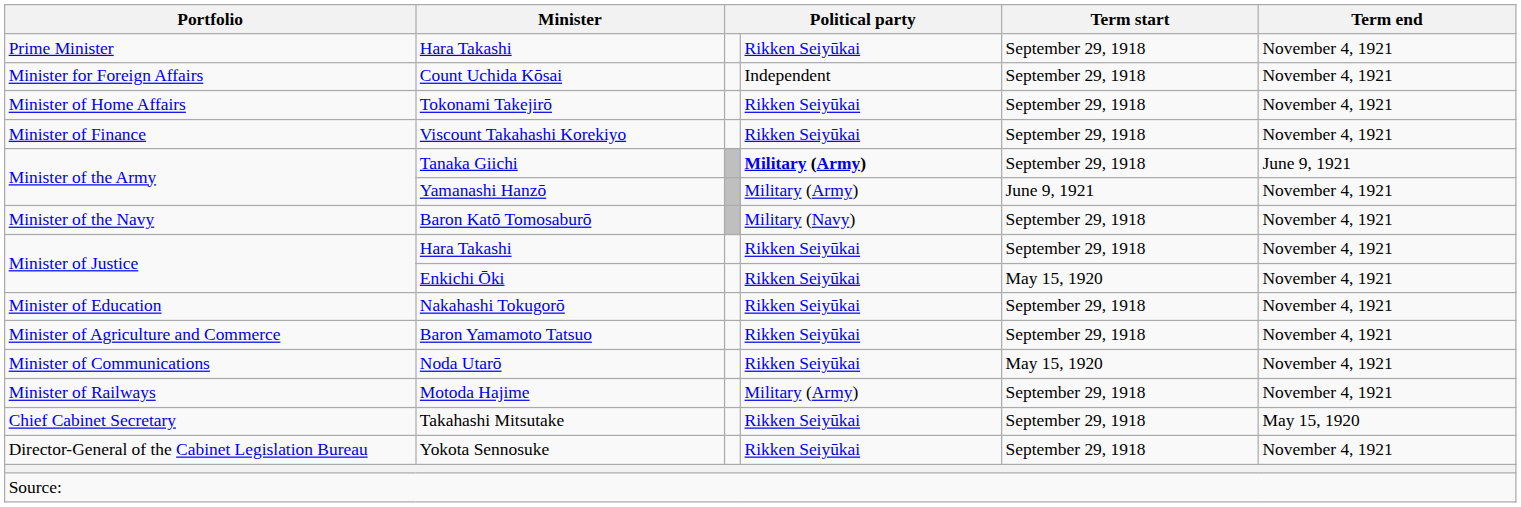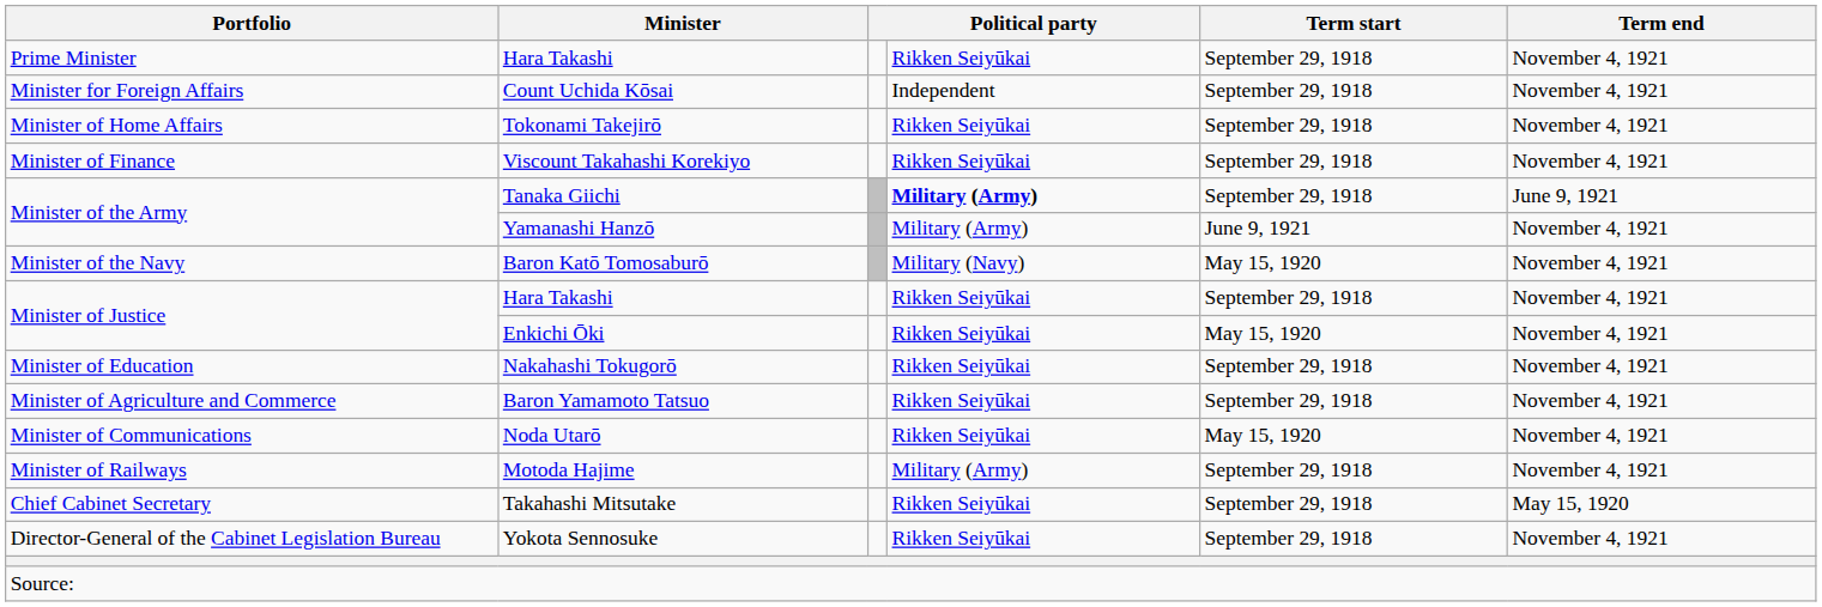 <table class="wikitable unsortable" style="font-size: 90%;">
 <tr>
 <th scope="col" width="20%">Portfolio</th>
 <th scope="col" width="15%">Minister</th>
 <th colspan="2" scope="col" width="13.5%">Political party</th>
 <th scope="col" width="12.5%">Term start</th>
 <th scope="col" width="12.5%">Term end</th>
 </tr>
 <tr>
 <td style="text-align: left;"><a href='#'>Prime Minister</a></td>
 <td><a href='#'>Hara Takashi</a></td>
 <td style="color:inherit;background:"></td>
 <td><a href='#'>Rikken Seiyūkai</a></td>
 <td>September 29, 1918</td>
 <td>November 4, 1921</td>
 </tr>
 <tr>
 <td><a href='#'>Minister for Foreign Affairs</a></td>
 <td><a href='#'>Count Uchida Kōsai</a></td>
 <td style="color:inherit;background:"></td>
 <td>Independent</td>
 <td>September 29, 1918</td>
 <td>November 4, 1921</td>
 </tr>
 <tr>
 <td><a href='#'>Minister of Home Affairs</a></td>
 <td><a href='#'>Tokonami Takejirō</a></td>
 <td style="color:inherit;background:"></td>
 <td><a href='#'>Rikken Seiyūkai</a></td>
 <td>September 29, 1918</td>
 <td>November 4, 1921</td>
 </tr>
 <tr>
 <td><a href='#'>Minister of Finance</a></td>
 <td><a href='#'>Viscount Takahashi Korekiyo</a></td>
 <td style="color:inherit;background:"></td>
 <td><a href='#'>Rikken Seiyūkai</a></td>
 <td>September 29, 1918</td>
 <td>November 4, 1921</td>
 </tr>
 <tr>
 <td rowspan="2"><a href='#'>Minister of the Army</a></td>
 <td><a href='#'>Tanaka Giichi</a></td>
 <td style="color:inherit;background:#bfbfbf"></td>
 <td><strong><a href='#'>Military</a> (<a href='#'>Army</a>)</strong></td>
 <td>September 29, 1918</td>
 <td>June 9, 1921</td>
 </tr>
 <tr>
 <td><a href='#'>Yamanashi Hanzō</a></td>
 <td style="color:inherit;background:#bfbfbf"></td>
 <td><a href='#'>Military</a> (<a href='#'>Army</a>)</td>
 <td>June 9, 1921</td>
 <td>November 4, 1921</td>
 </tr>
 <tr>
 <td><a href='#'>Minister of the Navy</a></td>
 <td><a href='#'>Baron Katō Tomosaburō</a></td>
 <td style="color:inherit;background:#bfbfbf"></td>
 <td><a href='#'>Military</a> (<a href='#'>Navy</a>)</td>
-<td>September 29, 1918</td>
+<td>May 15, 1920</td>
 <td>November 4, 1921</td>
 </tr>
 <tr>
 <td rowspan="2"><a href='#'>Minister of Justice</a></td>
 <td><a href='#'>Hara Takashi</a></td>
 <td style="color:inherit;background:"></td>
 <td><a href='#'>Rikken Seiyūkai</a></td>
 <td>September 29, 1918</td>
 <td>November 4, 1921</td>
 </tr>
 <tr>
 <td><a href='#'>Enkichi Ōki</a></td>
 <td style="color:inherit;background:"></td>
 <td><a href='#'>Rikken Seiyūkai</a></td>
 <td>May 15, 1920</td>
 <td>November 4, 1921</td>
 </tr>
 <tr>
 <td><a href='#'>Minister of Education</a></td>
 <td><a href='#'>Nakahashi Tokugorō</a></td>
 <td style="color:inherit;background:"></td>
 <td><a href='#'>Rikken Seiyūkai</a></td>
 <td>September 29, 1918</td>
 <td>November 4, 1921</td>
 </tr>
 <tr>
 <td><a href='#'>Minister of Agriculture and Commerce</a></td>
 <td><a href='#'>Baron Yamamoto Tatsuo</a></td>
 <td style="color:inherit;background:"></td>
 <td><a href='#'>Rikken Seiyūkai</a></td>
 <td>September 29, 1918</td>
 <td>November 4, 1921</td>
 </tr>
 <tr>
 <td><a href='#'>Minister of Communications</a></td>
 <td><a href='#'>Noda Utarō</a></td>
 <td style="color:inherit;background:"></td>
 <td><a href='#'>Rikken Seiyūkai</a></td>
 <td>May 15, 1920</td>
 <td>November 4, 1921</td>
 </tr>
 <tr>
 <td><a href='#'>Minister of Railways</a></td>
 <td><a href='#'>Motoda Hajime</a></td>
 <td style="color:inherit;background:"></td>
 <td><a href='#'>Military</a> (<a href='#'>Army</a>)</td>
 <td>September 29, 1918</td>
 <td>November 4, 1921</td>
 </tr>
 <tr>
 <td><a href='#'>Chief Cabinet Secretary</a></td>
 <td>Takahashi Mitsutake</td>
 <td style="color:inherit;background:"></td>
 <td><a href='#'>Rikken Seiyūkai</a></td>
 <td>September 29, 1918</td>
 <td>May 15, 1920</td>
 </tr>
 <tr>
 <td>Director-General of the <a href='#'>Cabinet Legislation Bureau</a></td>
 <td>Yokota Sennosuke</td>
 <td style="color:inherit;background:"></td>
 <td><a href='#'>Rikken Seiyūkai</a></td>
 <td>September 29, 1918</td>
 <td>November 4, 1921</td>
 </tr>
 <tr>
 <th colspan="6"></th>
 </tr>
 <tr>
 <td colspan="6">Source:</td>
 </tr>
 </table>
